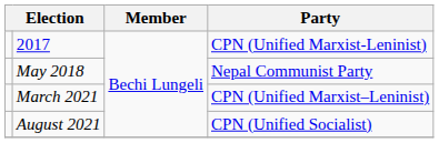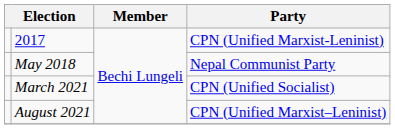 <table class="wikitable">
 <tr>
 <th colspan="2">Election</th>
 <th>Member</th>
 <th>Party</th>
 </tr>
 <tr>
 <td style="background-color:"></td>
 <td><a href='#'>2017</a></td>
 <td rowspan="4"><a href='#'>Bechi Lungeli</a></td>
 <td><a href='#'>CPN (Unified Marxist-Leninist)</a></td>
 </tr>
 <tr>
 <td style="background-color:"></td>
 <td><em>May 2018</em></td>
 <td><a href='#'>Nepal Communist Party</a></td>
 </tr>
 <tr>
 <td style="background-color:"></td>
 <td><em>March 2021</em></td>
-<td><a href='#'>CPN (Unified Marxist–Leninist)</a></td>
+<td><a href='#'>CPN (Unified Socialist)</a></td>
 </tr>
 <tr>
 <td style="background-color:"></td>
 <td><em>August 2021</em></td>
-<td><a href='#'>CPN (Unified Socialist)</a></td>
+<td><a href='#'>CPN (Unified Marxist–Leninist)</a></td>
 </tr>
 <tr>
 </tr>
 </table>
